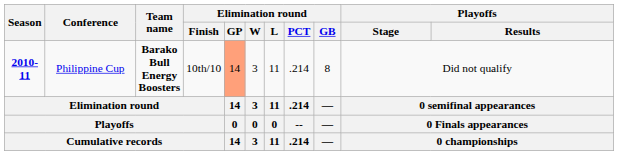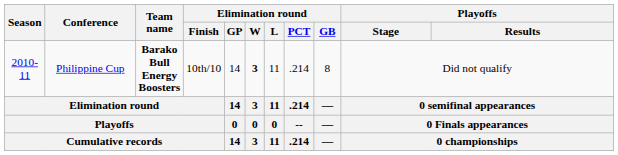 <table class=wikitable style="text-align:center;">
 <tr>
 <th width=50px rowspan=2>Season</th>
 <th width=120px rowspan=2>Conference</th>
 <th width=60px rowspan=2>Team name</th>
 <th colspan=6>Elimination round</th>
 <th colspan=2>Playoffs</th>
 </tr>
 <tr>
 <th width=50px>Finish</th>
 <th width=20px>GP</th>
 <th width=20px>W</th>
 <th width=20px>L</th>
 <th width=35px><a href='#'>PCT</a></th>
 <th width=30px><a href='#'>GB</a></th>
 <th width=120px>Stage</th>
 <th width=250px>Results</th>
 </tr>
 <tr>
-<td><strong><a href='#'>2010-11</a></strong></td>
+<td><a href='#'>2010-11</a></td>
 <td><a href='#'>Philippine Cup</a></td>
 <td><strong>Barako Bull Energy Boosters</strong></td>
 <td>10th/10</td>
-<td style="background: lightsalmon;">14</td>
-<td>3</td>
+<td>14</td>
+<td><strong>3</strong></td>
 <td>11</td>
 <td>.214</td>
 <td>8</td>
 <td colspan=2>Did not qualify</td>
 </tr>
 <tr>
 <th colspan=4>Elimination round</th>
 <th>14</th>
 <th>3</th>
 <th>11</th>
 <th>.214</th>
 <th>—</th>
 <th colspan=2>0 semifinal appearances</th>
 </tr>
 <tr>
 <th colspan=4>Playoffs</th>
 <th>0</th>
 <th>0</th>
 <th>0</th>
 <th>--</th>
 <th>—</th>
 <th colspan=2>0 Finals appearances</th>
 </tr>
 <tr>
 <th colspan=4>Cumulative records</th>
 <th>14</th>
 <th>3</th>
 <th>11</th>
 <th>.214</th>
 <th>—</th>
 <th colspan=2>0 championships</th>
 </tr>
 </table>
